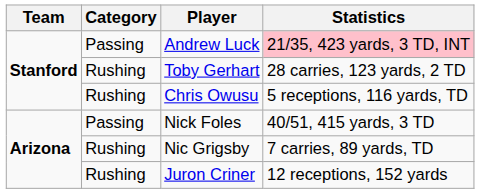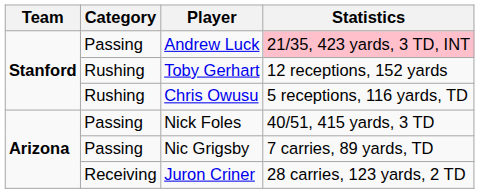 <table class="wikitable" style="float: right;">
 <tr>
 <th>Team</th>
 <th>Category</th>
 <th>Player</th>
 <th>Statistics</th>
 </tr>
 <tr>
 <td rowspan=3><strong>Stanford</strong></td>
 <td>Passing</td>
 <td><a href='#'>Andrew Luck</a></td>
 <td style="background: pink;">21/35, 423 yards, 3 TD, INT</td>
 </tr>
 <tr>
 <td>Rushing</td>
 <td><a href='#'>Toby Gerhart</a></td>
-<td>28 carries, 123 yards, 2 TD</td>
+<td>12 receptions, 152 yards</td>
 </tr>
 <tr>
 <td>Rushing</td>
 <td><a href='#'>Chris Owusu</a></td>
 <td>5 receptions, 116 yards, TD</td>
 </tr>
 <tr>
 <td rowspan=3><strong>Arizona</strong></td>
 <td>Passing</td>
 <td>Nick Foles</td>
 <td>40/51, 415 yards, 3 TD</td>
 </tr>
 <tr>
-<td>Rushing</td>
+<td>Passing</td>
 <td>Nic Grigsby</td>
 <td>7 carries, 89 yards, TD</td>
 </tr>
 <tr>
-<td>Rushing</td>
+<td>Receiving</td>
 <td><a href='#'>Juron Criner</a></td>
-<td>12 receptions, 152 yards</td>
+<td>28 carries, 123 yards, 2 TD</td>
 </tr>
 </table>
